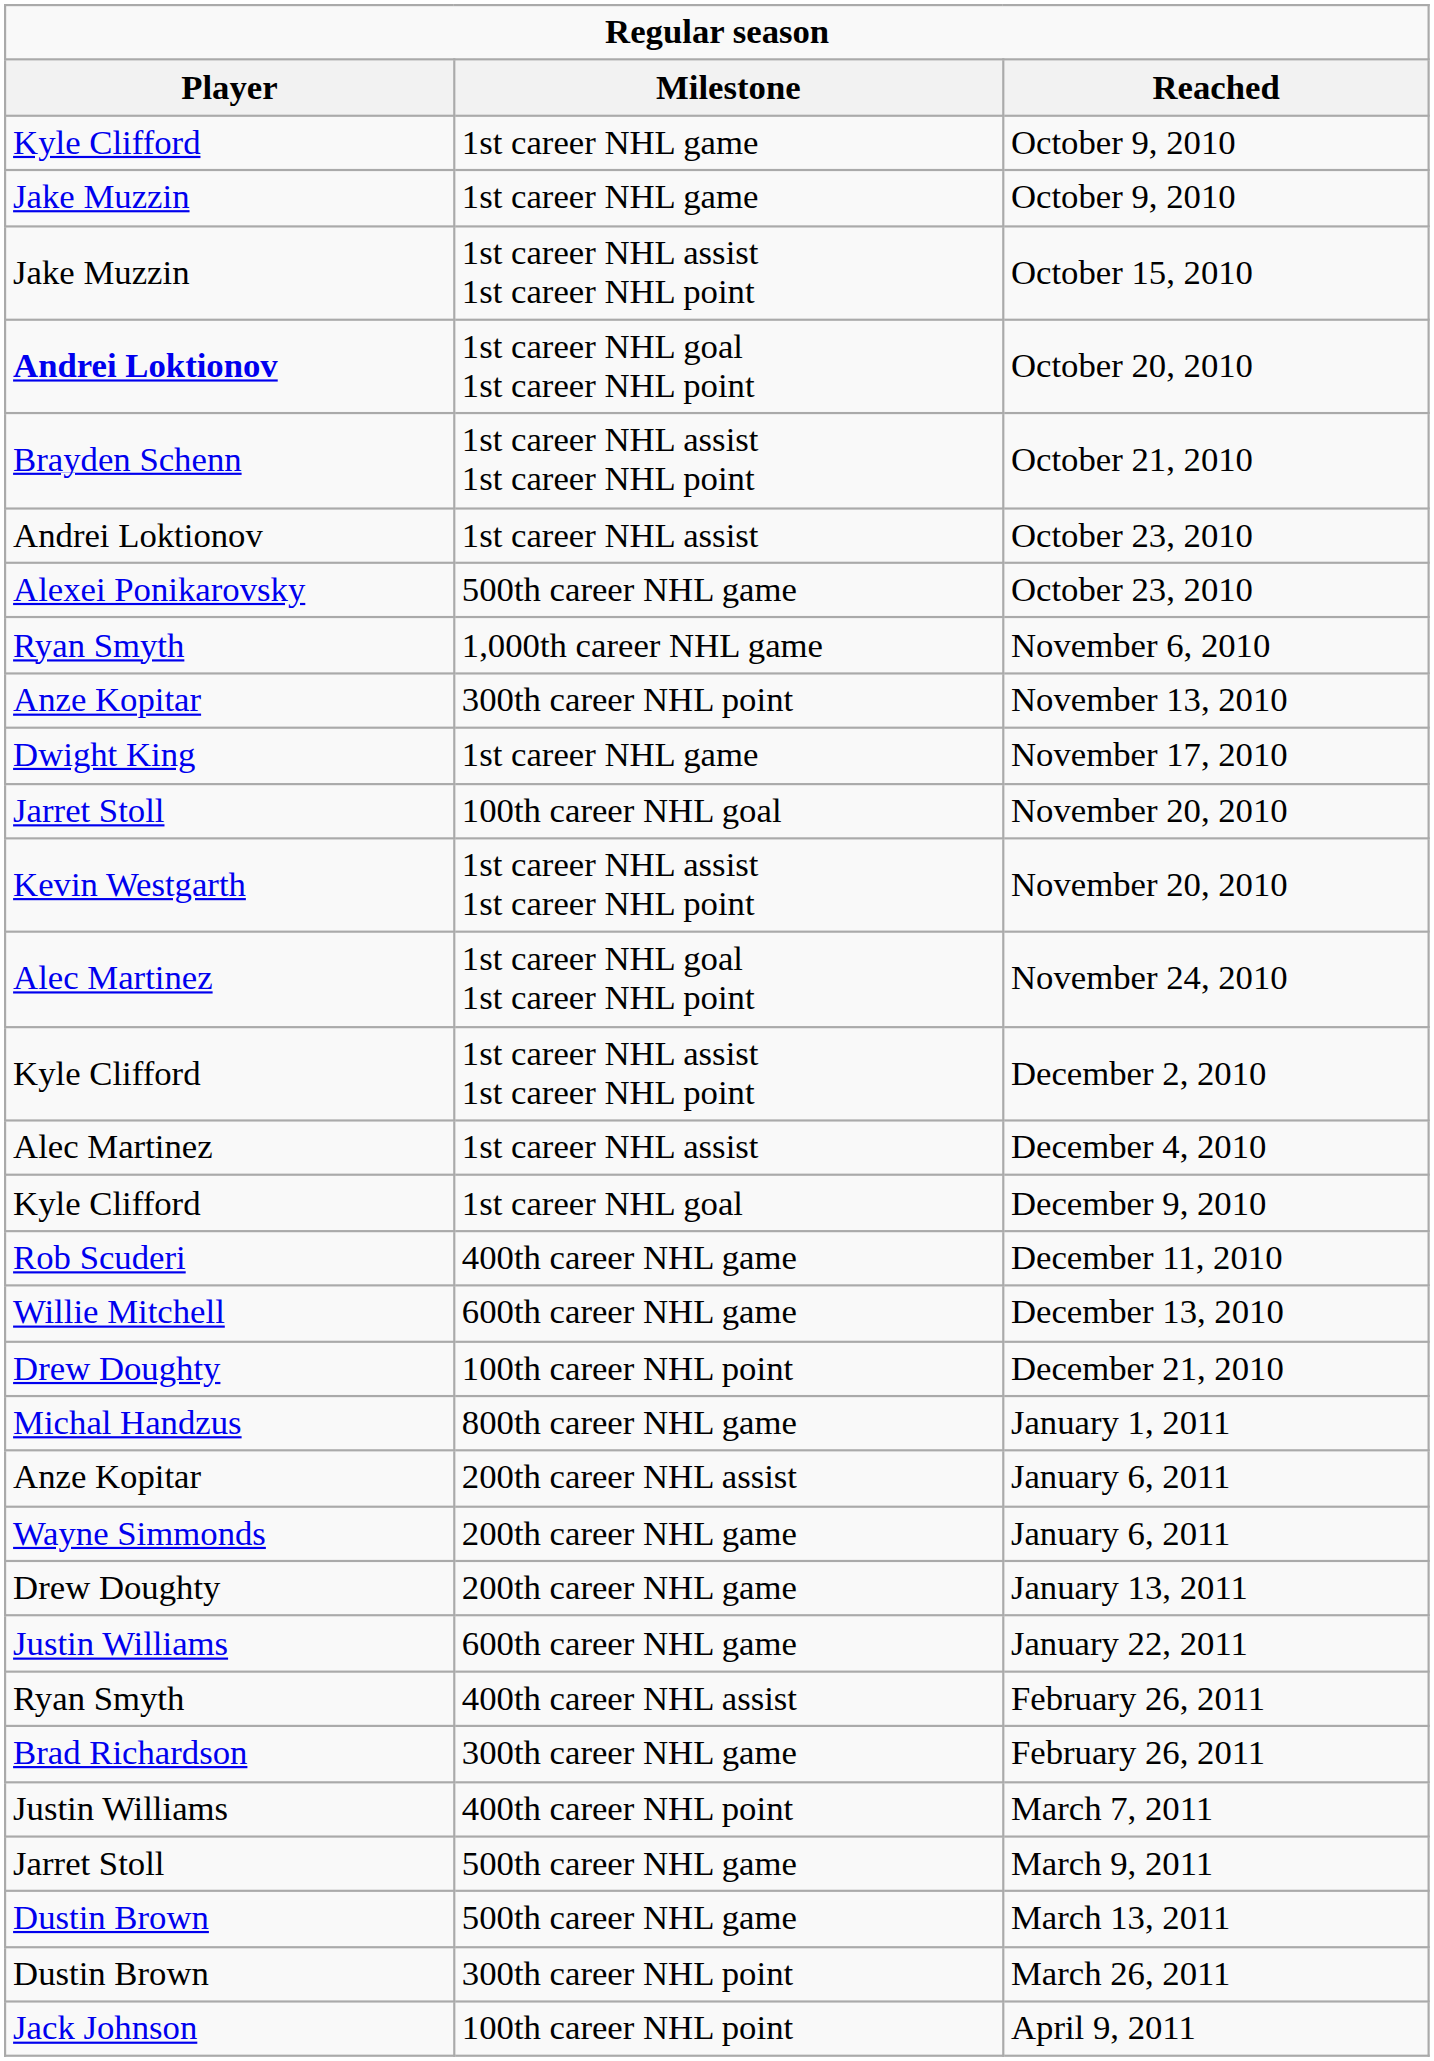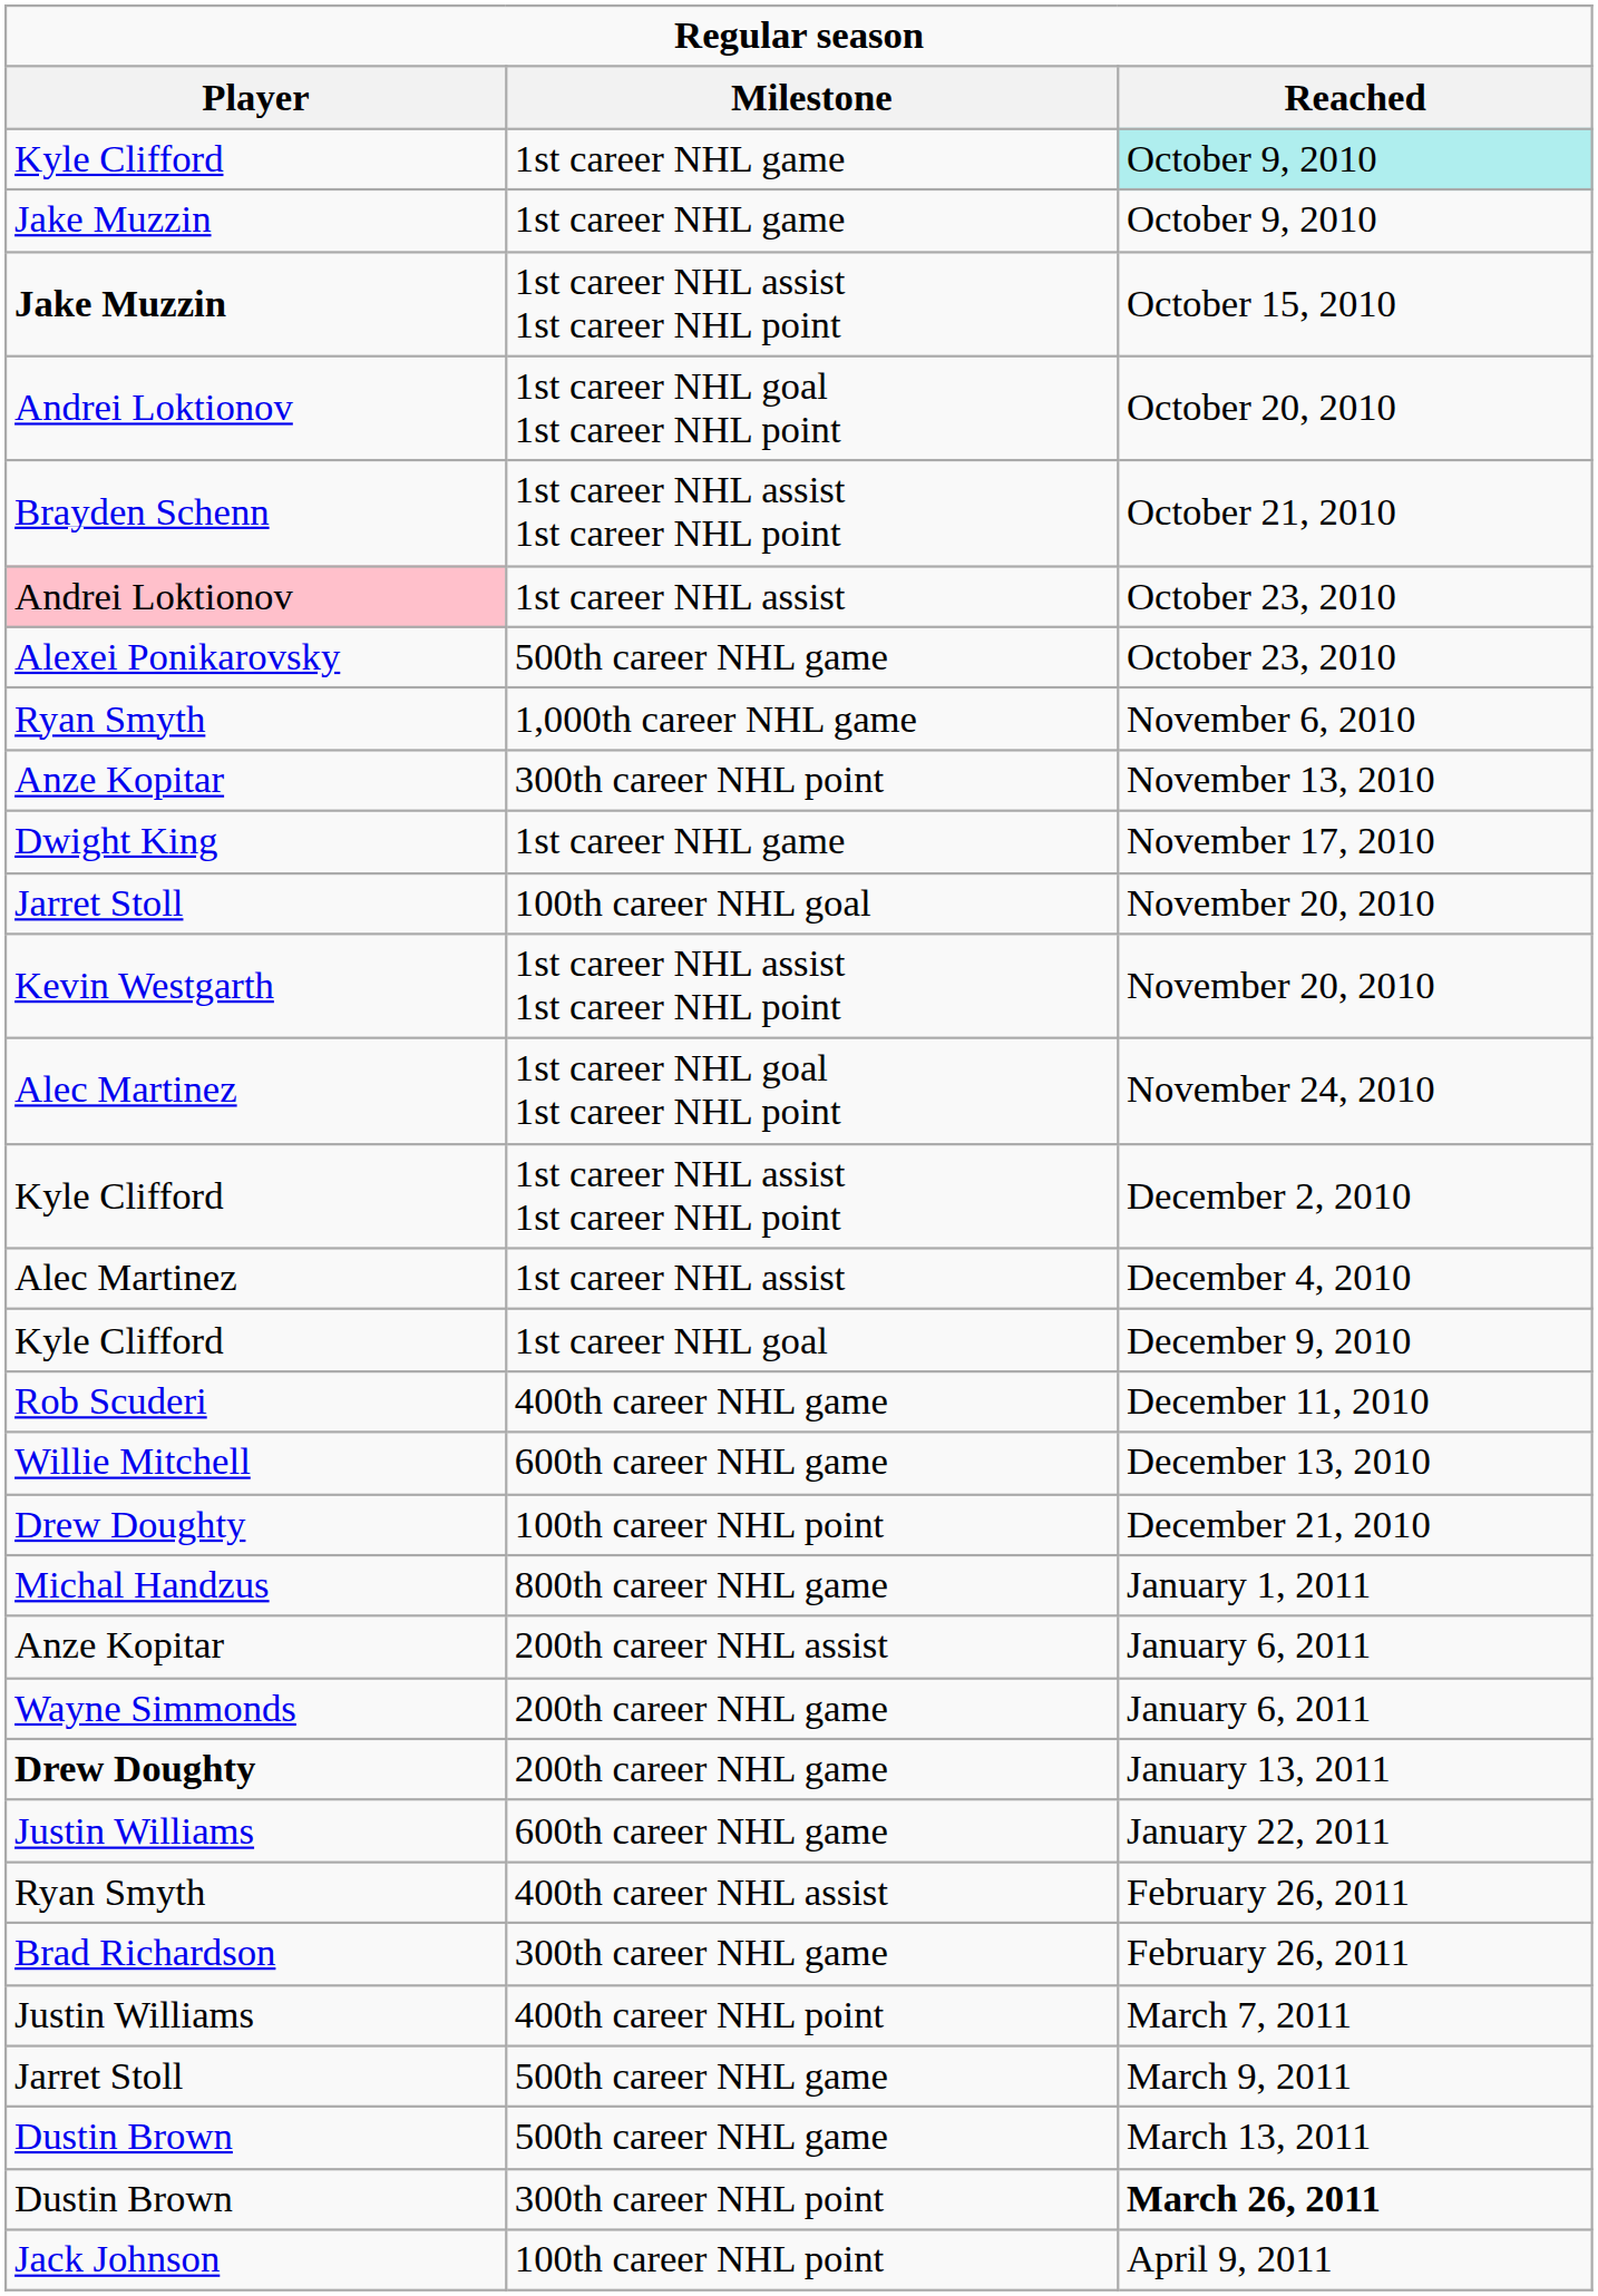 <table class="wikitable" style="width:52%;">
 <tr>
 <td colspan="10" style="text-align:center;"><strong>Regular season</strong></td>
 </tr>
 <tr>
 <th>Player</th>
 <th>Milestone</th>
 <th>Reached</th>
 </tr>
 <tr>
 <td><a href='#'>Kyle Clifford</a></td>
 <td>1st career NHL game</td>
-<td>October 9, 2010</td>
+<td style="background: paleturquoise;">October 9, 2010</td>
 </tr>
 <tr>
 <td><a href='#'>Jake Muzzin</a></td>
 <td>1st career NHL game</td>
 <td>October 9, 2010</td>
 </tr>
 <tr>
-<td>Jake Muzzin</td>
+<td><strong>Jake Muzzin</strong></td>
 <td>1st career NHL assist<br>1st career NHL point</td>
 <td>October 15, 2010</td>
 </tr>
 <tr>
-<td><strong><a href='#'>Andrei Loktionov</a></strong></td>
+<td><a href='#'>Andrei Loktionov</a></td>
 <td>1st career NHL goal<br>1st career NHL point</td>
 <td>October 20, 2010</td>
 </tr>
 <tr>
 <td><a href='#'>Brayden Schenn</a></td>
 <td>1st career NHL assist<br>1st career NHL point</td>
 <td>October 21, 2010</td>
 </tr>
 <tr>
-<td>Andrei Loktionov</td>
+<td style="background: pink;">Andrei Loktionov</td>
 <td>1st career NHL assist</td>
 <td>October 23, 2010</td>
 </tr>
 <tr>
 <td><a href='#'>Alexei Ponikarovsky</a></td>
 <td>500th career NHL game</td>
 <td>October 23, 2010</td>
 </tr>
 <tr>
 <td><a href='#'>Ryan Smyth</a></td>
 <td>1,000th career NHL game</td>
 <td>November 6, 2010</td>
 </tr>
 <tr>
 <td><a href='#'>Anze Kopitar</a></td>
 <td>300th career NHL point</td>
 <td>November 13, 2010</td>
 </tr>
 <tr>
 <td><a href='#'>Dwight King</a></td>
 <td>1st career NHL game</td>
 <td>November 17, 2010</td>
 </tr>
 <tr>
 <td><a href='#'>Jarret Stoll</a></td>
 <td>100th career NHL goal</td>
 <td>November 20, 2010</td>
 </tr>
 <tr>
 <td><a href='#'>Kevin Westgarth</a></td>
 <td>1st career NHL assist<br>1st career NHL point</td>
 <td>November 20, 2010</td>
 </tr>
 <tr>
 <td><a href='#'>Alec Martinez</a></td>
 <td>1st career NHL goal<br>1st career NHL point</td>
 <td>November 24, 2010</td>
 </tr>
 <tr>
 <td>Kyle Clifford</td>
 <td>1st career NHL assist<br>1st career NHL point</td>
 <td>December 2, 2010</td>
 </tr>
 <tr>
 <td>Alec Martinez</td>
 <td>1st career NHL assist</td>
 <td>December 4, 2010</td>
 </tr>
 <tr>
 <td>Kyle Clifford</td>
 <td>1st career NHL goal</td>
 <td>December 9, 2010</td>
 </tr>
 <tr>
 <td><a href='#'>Rob Scuderi</a></td>
 <td>400th career NHL game</td>
 <td>December 11, 2010</td>
 </tr>
 <tr>
 <td><a href='#'>Willie Mitchell</a></td>
 <td>600th career NHL game</td>
 <td>December 13, 2010</td>
 </tr>
 <tr>
 <td><a href='#'>Drew Doughty</a></td>
 <td>100th career NHL point</td>
 <td>December 21, 2010</td>
 </tr>
 <tr>
 <td><a href='#'>Michal Handzus</a></td>
 <td>800th career NHL game</td>
 <td>January 1, 2011</td>
 </tr>
 <tr>
 <td>Anze Kopitar</td>
 <td>200th career NHL assist</td>
 <td>January 6, 2011</td>
 </tr>
 <tr>
 <td><a href='#'>Wayne Simmonds</a></td>
 <td>200th career NHL game</td>
 <td>January 6, 2011</td>
 </tr>
 <tr>
-<td>Drew Doughty</td>
+<td><strong>Drew Doughty</strong></td>
 <td>200th career NHL game</td>
 <td>January 13, 2011</td>
 </tr>
 <tr>
 <td><a href='#'>Justin Williams</a></td>
 <td>600th career NHL game</td>
 <td>January 22, 2011</td>
 </tr>
 <tr>
 <td>Ryan Smyth</td>
 <td>400th career NHL assist</td>
 <td>February 26, 2011</td>
 </tr>
 <tr>
 <td><a href='#'>Brad Richardson</a></td>
 <td>300th career NHL game</td>
 <td>February 26, 2011</td>
 </tr>
 <tr>
 <td>Justin Williams</td>
 <td>400th career NHL point</td>
 <td>March 7, 2011</td>
 </tr>
 <tr>
 <td>Jarret Stoll</td>
 <td>500th career NHL game</td>
 <td>March 9, 2011</td>
 </tr>
 <tr>
 <td><a href='#'>Dustin Brown</a></td>
 <td>500th career NHL game</td>
 <td>March 13, 2011</td>
 </tr>
 <tr>
 <td>Dustin Brown</td>
 <td>300th career NHL point</td>
-<td>March 26, 2011</td>
+<td><strong>March 26, 2011</strong></td>
 </tr>
 <tr>
 <td><a href='#'>Jack Johnson</a></td>
 <td>100th career NHL point</td>
 <td>April 9, 2011</td>
 </tr>
 </table>
